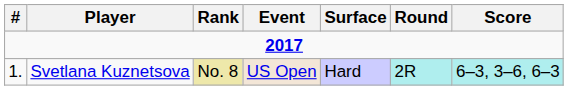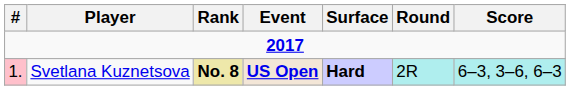 <table class="wikitable sortable">
 <tr>
 <th>#</th>
 <th>Player</th>
 <th>Rank</th>
 <th>Event</th>
 <th>Surface</th>
 <th>Round</th>
 <th>Score</th>
 </tr>
 <tr>
 <td colspan=7 style=text-align:center><strong><a href='#'>2017</a></strong></td>
 </tr>
 <tr>
-<td>1.</td>
+<td style="background: pink;">1.</td>
 <td> <a href='#'>Svetlana Kuznetsova</a></td>
-<td bgcolor=EEE8AA>No. 8</td>
-<td bgcolor=f3e6d7><a href='#'>US Open</a></td>
-<td bgcolor=CCCCFF>Hard</td>
+<td bgcolor=EEE8AA><strong>No. 8</strong></td>
+<td bgcolor=f3e6d7><strong><a href='#'>US Open</a></strong></td>
+<td bgcolor=CCCCFF><strong>Hard</strong></td>
 <td bgcolor=AFEEEE>2R</td>
 <td style="background: paleturquoise;">6–3, 3–6, 6–3</td>
 </tr>
 </table>
